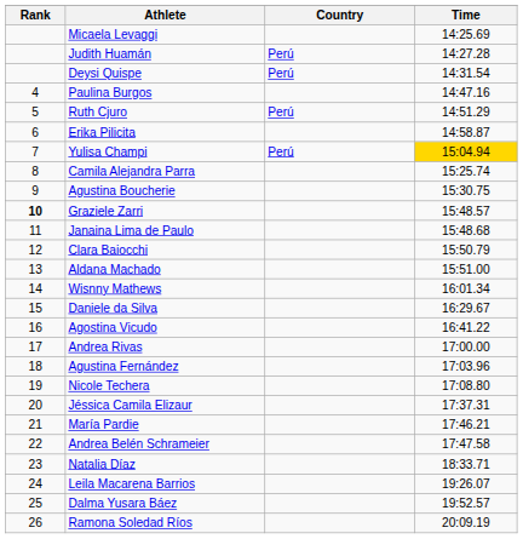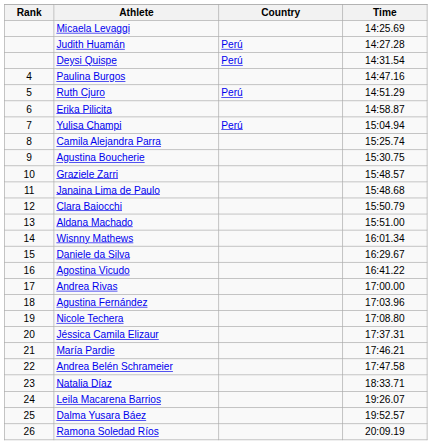 <table class="wikitable sortable" style=" text-align:center; font-size:95%;" width="50%">
 <tr>
 </tr>
 <tr>
 <th width=5%>Rank</th>
 <th width=20%>Athlete</th>
 <th width=15%>Country</th>
 <th width=10%>Time</th>
 </tr>
 <tr>
 <td align=center></td>
 <td align=left><a href='#'>Micaela Levaggi</a></td>
 <td align=left></td>
 <td>14:25.69</td>
 </tr>
 <tr>
 <td align=center></td>
 <td align=left><a href='#'>Judith Huamán</a></td>
 <td align=left> <a href='#'>Perú</a></td>
 <td>14:27.28</td>
 </tr>
 <tr>
 <td align=center></td>
 <td align=left><a href='#'>Deysi Quispe</a></td>
 <td align=left> <a href='#'>Perú</a></td>
 <td>14:31.54</td>
 </tr>
 <tr>
 <td align=center>4</td>
 <td align=left><a href='#'>Paulina Burgos</a></td>
 <td align=left></td>
 <td>14:47.16</td>
 </tr>
 <tr>
 <td align=center>5</td>
 <td align=left><a href='#'>Ruth Cjuro</a></td>
 <td align=left> <a href='#'>Perú</a></td>
 <td>14:51.29</td>
 </tr>
 <tr>
 <td align=center>6</td>
 <td align=left><a href='#'>Erika Pilicita</a></td>
 <td align=left></td>
 <td>14:58.87</td>
 </tr>
 <tr>
 <td align=center>7</td>
 <td align=left><a href='#'>Yulisa Champi</a></td>
 <td align=left> <a href='#'>Perú</a></td>
-<td style="background: gold;">15:04.94</td>
+<td>15:04.94</td>
 </tr>
 <tr>
 <td align=center>8</td>
 <td align=left><a href='#'>Camila Alejandra Parra</a></td>
 <td align=left></td>
 <td>15:25.74</td>
 </tr>
 <tr>
 <td align=center>9</td>
 <td align=left><a href='#'>Agustina Boucherie</a></td>
 <td align=left></td>
 <td>15:30.75</td>
 </tr>
 <tr>
-<td align=center><strong>10</strong></td>
+<td align=center>10</td>
 <td align=left><a href='#'>Graziele Zarri</a></td>
 <td align=left></td>
 <td>15:48.57</td>
 </tr>
 <tr>
 <td align=center>11</td>
 <td align=left><a href='#'>Janaina Lima de Paulo</a></td>
 <td align=left></td>
 <td>15:48.68</td>
 </tr>
 <tr>
 <td align=center>12</td>
 <td align=left><a href='#'>Clara Baiocchi</a></td>
 <td align=left></td>
 <td>15:50.79</td>
 </tr>
 <tr>
 <td align=center>13</td>
 <td align=left><a href='#'>Aldana Machado</a></td>
 <td align=left></td>
 <td>15:51.00</td>
 </tr>
 <tr>
 <td align=center>14</td>
 <td align=left><a href='#'>Wisnny Mathews</a></td>
 <td align=left></td>
 <td>16:01.34</td>
 </tr>
 <tr>
 <td align=center>15</td>
 <td align=left><a href='#'>Daniele da Silva</a></td>
 <td align=left></td>
 <td>16:29.67</td>
 </tr>
 <tr>
 <td align=center>16</td>
 <td align=left><a href='#'>Agostina Vicudo</a></td>
 <td align=left></td>
 <td>16:41.22</td>
 </tr>
 <tr>
 <td align=center>17</td>
 <td align=left><a href='#'>Andrea Rivas</a></td>
 <td align=left></td>
 <td>17:00.00</td>
 </tr>
 <tr>
 <td align=center>18</td>
 <td align=left><a href='#'>Agustina Fernández</a></td>
 <td align=left></td>
 <td>17:03.96</td>
 </tr>
 <tr>
 <td align=center>19</td>
 <td align=left><a href='#'>Nicole Techera</a></td>
 <td align=left></td>
 <td>17:08.80</td>
 </tr>
 <tr>
 <td align=center>20</td>
 <td align=left><a href='#'>Jéssica Camila Elizaur</a></td>
 <td align=left></td>
 <td>17:37.31</td>
 </tr>
 <tr>
 <td align=center>21</td>
 <td align=left><a href='#'>María Pardie</a></td>
 <td align=left></td>
 <td>17:46.21</td>
 </tr>
 <tr>
 <td align=center>22</td>
 <td align=left><a href='#'>Andrea Belén Schrameier</a></td>
 <td align=left></td>
 <td>17:47.58</td>
 </tr>
 <tr>
 <td align=center>23</td>
 <td align=left><a href='#'>Natalia Díaz</a></td>
 <td align=left></td>
 <td>18:33.71</td>
 </tr>
 <tr>
 <td align=center>24</td>
 <td align=left><a href='#'>Leila Macarena Barrios</a></td>
 <td align=left></td>
 <td>19:26.07</td>
 </tr>
 <tr>
 <td align=center>25</td>
 <td align=left><a href='#'>Dalma Yusara Báez</a></td>
 <td align=left></td>
 <td>19:52.57</td>
 </tr>
 <tr>
 <td align=center>26</td>
 <td align=left><a href='#'>Ramona Soledad Ríos</a></td>
 <td align=left></td>
 <td>20:09.19</td>
 </tr>
 </table>
